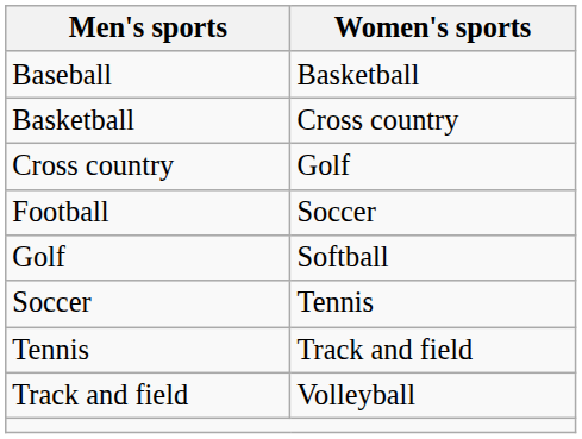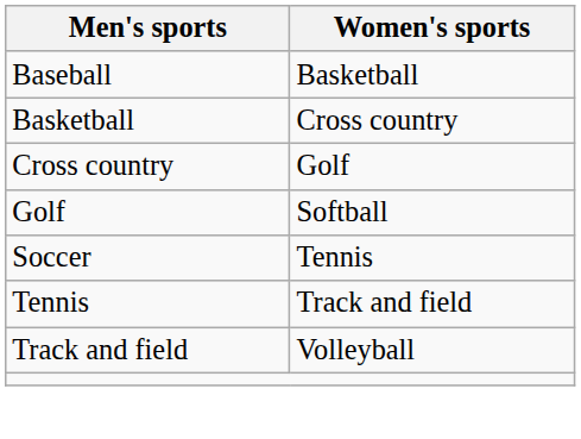 <table class="wikitable"; style= "text-align: ">
 <tr>
 <th width=150px>Men's sports</th>
 <th width=150px>Women's sports</th>
 </tr>
 <tr>
 <td>Baseball</td>
 <td>Basketball</td>
 </tr>
 <tr>
 <td>Basketball</td>
 <td>Cross country</td>
 </tr>
 <tr>
 <td>Cross country</td>
 <td>Golf</td>
-</tr>
-<tr>
-<td>Football</td>
-<td>Soccer</td>
 </tr>
 <tr>
 <td>Golf</td>
 <td>Softball</td>
 </tr>
 <tr>
 <td>Soccer</td>
 <td>Tennis</td>
 </tr>
 <tr>
 <td>Tennis</td>
 <td>Track and field</td>
 </tr>
 <tr>
 <td>Track and field</td>
 <td>Volleyball</td>
 </tr>
 <tr>
 <td colspan=2></td>
 </tr>
 </table>
